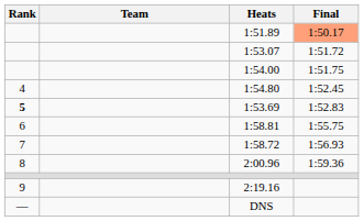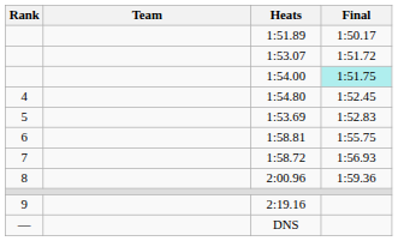 <table class=wikitable style="text-align:center">
 <tr>
 <th width=40>Rank</th>
 <th width=250>Team</th>
 <th width=80>Heats</th>
 <th width=80>Final</th>
 </tr>
 <tr>
 <td></td>
 <td align=left></td>
 <td>1:51.89</td>
-<td style="background: lightsalmon;">1:50.17</td>
+<td>1:50.17</td>
 </tr>
 <tr>
 <td></td>
 <td align=left></td>
 <td>1:53.07</td>
 <td>1:51.72</td>
 </tr>
 <tr>
 <td></td>
 <td align=left></td>
 <td>1:54.00</td>
-<td>1:51.75</td>
+<td style="background: paleturquoise;">1:51.75</td>
 </tr>
 <tr>
 <td>4</td>
 <td align=left></td>
 <td>1:54.80</td>
 <td>1:52.45</td>
 </tr>
 <tr>
-<td><strong>5</strong></td>
+<td>5</td>
 <td align=left></td>
 <td>1:53.69</td>
 <td>1:52.83</td>
 </tr>
 <tr>
 <td>6</td>
 <td align=left></td>
 <td>1:58.81</td>
 <td>1:55.75</td>
 </tr>
 <tr>
 <td>7</td>
 <td align=left></td>
 <td>1:58.72</td>
 <td>1:56.93</td>
 </tr>
 <tr>
 <td>8</td>
 <td align=left></td>
 <td>2:00.96</td>
 <td>1:59.36</td>
 </tr>
 <tr bgcolor=#DDDDDD>
 <td colspan=4></td>
 </tr>
 <tr>
 <td>9</td>
 <td align=left></td>
 <td>2:19.16</td>
 <td></td>
 </tr>
 <tr>
 <td>—</td>
 <td align=left></td>
 <td>DNS</td>
 <td></td>
 </tr>
 </table>
